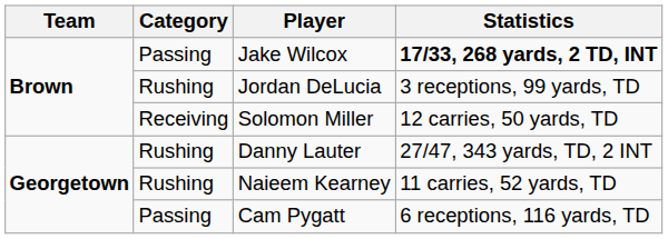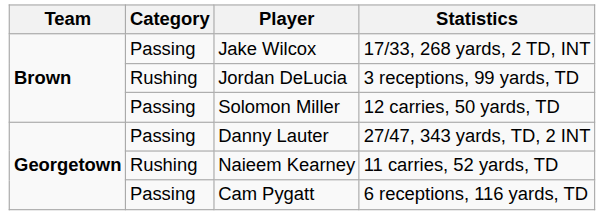 <table class="wikitable" style="float: right;">
 <tr>
 <th>Team</th>
 <th>Category</th>
 <th>Player</th>
 <th>Statistics</th>
 </tr>
 <tr>
 <td rowspan=3><strong>Brown</strong></td>
 <td>Passing</td>
 <td>Jake Wilcox</td>
-<td><strong>17/33, 268 yards, 2 TD, INT</strong></td>
+<td>17/33, 268 yards, 2 TD, INT</td>
 </tr>
 <tr>
 <td>Rushing</td>
 <td>Jordan DeLucia</td>
 <td>3 receptions, 99 yards, TD</td>
 </tr>
 <tr>
-<td>Receiving</td>
+<td>Passing</td>
 <td>Solomon Miller</td>
 <td>12 carries, 50 yards, TD</td>
 </tr>
 <tr>
 <td rowspan=3><strong>Georgetown</strong></td>
-<td>Rushing</td>
+<td>Passing</td>
 <td>Danny Lauter</td>
 <td>27/47, 343 yards, TD, 2 INT</td>
 </tr>
 <tr>
 <td>Rushing</td>
 <td>Naieem Kearney</td>
 <td>11 carries, 52 yards, TD</td>
 </tr>
 <tr>
 <td>Passing</td>
 <td>Cam Pygatt</td>
 <td>6 receptions, 116 yards, TD</td>
 </tr>
 </table>
